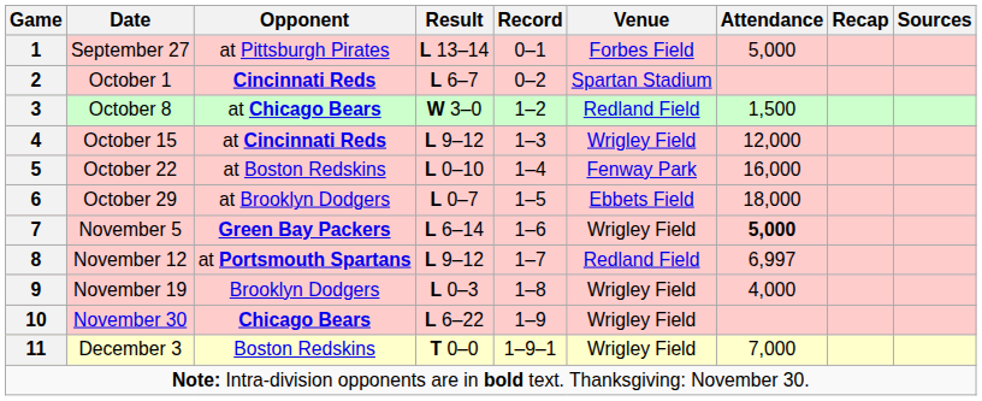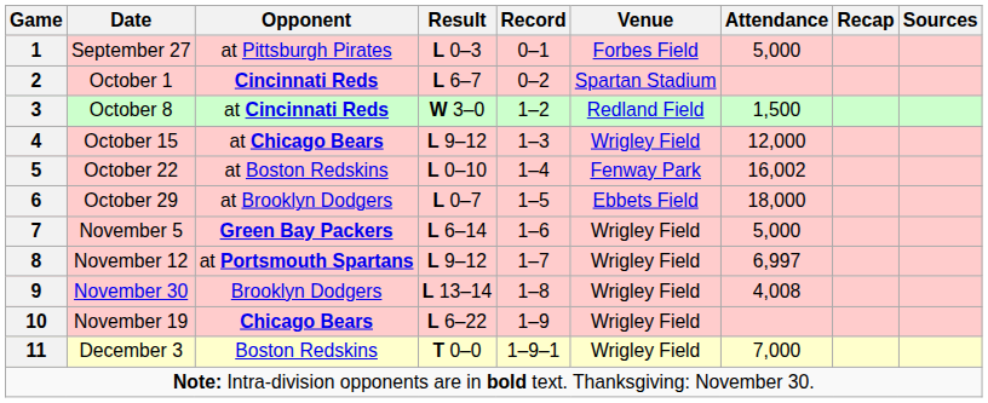 <table class="wikitable" style="text-align:center">
 <tr>
 <th>Game</th>
 <th>Date</th>
 <th>Opponent</th>
 <th>Result</th>
 <th>Record</th>
 <th>Venue</th>
 <th>Attendance</th>
 <th>Recap</th>
 <th>Sources</th>
 </tr>
 <tr style="background:#fcc">
 <th>1</th>
 <td>September 27</td>
 <td>at <a href='#'>Pittsburgh Pirates</a></td>
-<td><strong>L</strong> 13–14</td>
+<td><strong>L</strong> 0–3</td>
 <td>0–1</td>
 <td><a href='#'>Forbes Field</a></td>
 <td>5,000</td>
 <td></td>
 <td></td>
 </tr>
 <tr style="background:#fcc">
 <th>2</th>
 <td>October 1</td>
 <td><strong><a href='#'>Cincinnati Reds</a></strong></td>
 <td><strong>L</strong> 6–7</td>
 <td>0–2</td>
 <td><a href='#'>Spartan Stadium</a></td>
 <td></td>
 <td></td>
 <td></td>
 </tr>
 <tr style="background:#cfc">
 <th>3</th>
 <td>October 8</td>
-<td>at <strong><a href='#'>Chicago Bears</a></strong></td>
+<td>at <strong><a href='#'>Cincinnati Reds</a></strong></td>
 <td><strong>W</strong> 3–0</td>
 <td>1–2</td>
 <td><a href='#'>Redland Field</a></td>
 <td>1,500</td>
 <td></td>
 <td></td>
 </tr>
 <tr style="background:#fcc">
 <th>4</th>
 <td>October 15</td>
-<td>at <strong><a href='#'>Cincinnati Reds</a></strong></td>
+<td>at <strong><a href='#'>Chicago Bears</a></strong></td>
 <td><strong>L</strong> 9–12</td>
 <td>1–3</td>
 <td><a href='#'>Wrigley Field</a></td>
 <td>12,000</td>
 <td></td>
 <td></td>
 </tr>
 <tr style="background:#fcc">
 <th>5</th>
 <td>October 22</td>
 <td>at <a href='#'>Boston Redskins</a></td>
 <td><strong>L</strong> 0–10</td>
 <td>1–4</td>
 <td><a href='#'>Fenway Park</a></td>
-<td>16,000</td>
+<td>16,002</td>
 <td></td>
 <td></td>
 </tr>
 <tr style="background:#fcc">
 <th>6</th>
 <td>October 29</td>
 <td>at <a href='#'>Brooklyn Dodgers</a></td>
 <td><strong>L</strong> 0–7</td>
 <td>1–5</td>
 <td><a href='#'>Ebbets Field</a></td>
 <td>18,000</td>
 <td></td>
 <td></td>
 </tr>
 <tr style="background:#fcc">
 <th>7</th>
 <td>November 5</td>
 <td><strong><a href='#'>Green Bay Packers</a></strong></td>
 <td><strong>L</strong> 6–14</td>
 <td>1–6</td>
 <td>Wrigley Field</td>
-<td><strong>5,000</strong></td>
+<td>5,000</td>
 <td></td>
 <td></td>
 </tr>
 <tr style="background:#fcc">
 <th>8</th>
 <td>November 12</td>
 <td>at <strong><a href='#'>Portsmouth Spartans</a></strong></td>
 <td><strong>L</strong> 9–12</td>
 <td>1–7</td>
-<td><a href='#'>Redland Field</a></td>
+<td>Wrigley Field</td>
 <td>6,997</td>
 <td></td>
 <td></td>
 </tr>
 <tr style="background:#fcc">
 <th>9</th>
-<td>November 19</td>
+<td><a href='#'>November 30</a></td>
 <td><a href='#'>Brooklyn Dodgers</a></td>
-<td><strong>L</strong> 0–3</td>
+<td><strong>L</strong> 13–14</td>
 <td>1–8</td>
 <td>Wrigley Field</td>
-<td>4,000</td>
+<td>4,008</td>
 <td></td>
 <td></td>
 </tr>
 <tr style="background:#fcc">
 <th>10</th>
-<td><a href='#'>November 30</a></td>
+<td>November 19</td>
 <td><strong><a href='#'>Chicago Bears</a></strong></td>
 <td><strong>L</strong> 6–22</td>
 <td>1–9</td>
 <td>Wrigley Field</td>
 <td></td>
 <td></td>
 <td></td>
 </tr>
 <tr style="background:#ffc">
 <th>11</th>
 <td>December 3</td>
 <td><a href='#'>Boston Redskins</a></td>
 <td><strong>T</strong> 0–0</td>
 <td>1–9–1</td>
 <td>Wrigley Field</td>
 <td>7,000</td>
 <td></td>
 <td></td>
 </tr>
 <tr>
 <td colspan="10"><strong>Note:</strong> Intra-division opponents are in <strong>bold</strong> text. Thanksgiving: November 30.</td>
 </tr>
 </table>
